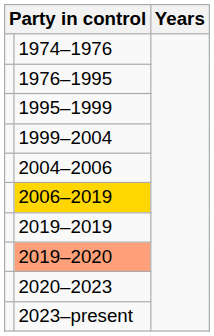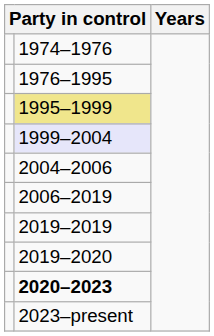 <table class="wikitable">
 <tr>
 <th colspan=2>Party in control</th>
 <th>Years</th>
 </tr>
 <tr>
 <td></td>
 <td>1974–1976</td>
 </tr>
 <tr>
 <td></td>
 <td>1976–1995</td>
 </tr>
 <tr>
 <td></td>
-<td>1995–1999</td>
+<td style="background: khaki;">1995–1999</td>
 </tr>
 <tr>
 <td></td>
-<td>1999–2004</td>
+<td style="background: lavender;">1999–2004</td>
 </tr>
 <tr>
 <td></td>
 <td>2004–2006</td>
 </tr>
 <tr>
 <td></td>
-<td style="background: gold;">2006–2019</td>
+<td>2006–2019</td>
 </tr>
 <tr>
 <td></td>
 <td>2019–2019</td>
 </tr>
 <tr>
 <td></td>
-<td style="background: lightsalmon;">2019–2020</td>
+<td>2019–2020</td>
 </tr>
 <tr>
 <td></td>
-<td>2020–2023</td>
+<td><strong>2020–2023</strong></td>
 </tr>
 <tr>
 <td></td>
 <td>2023–present</td>
 </tr>
 </table>
